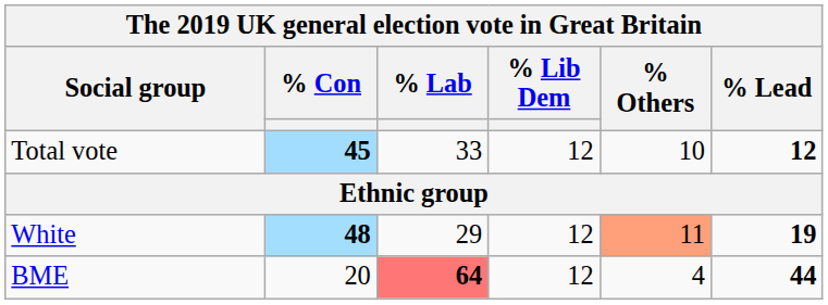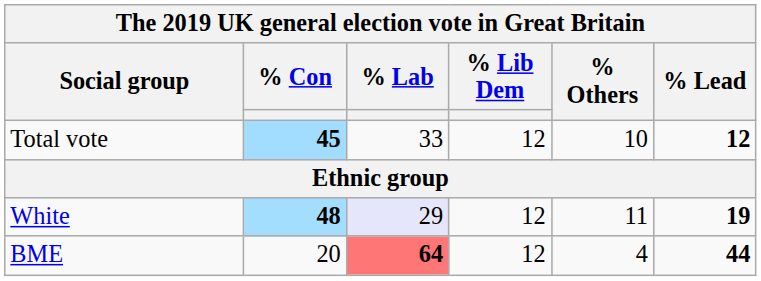 <table class=wikitable>
 <tr>
 <th colspan="10">The 2019 UK general election vote in Great Britain</th>
 </tr>
 <tr>
 <th style="width:150px;" rowspan="2">Social group</th>
 <th style="width:60px;" class="unsortable">% <a href='#'>Con</a></th>
 <th style="width:60px;" class="unsortable">% <a href='#'>Lab</a></th>
 <th style="width:60px;" class="unsortable">% <a href='#'>Lib Dem</a></th>
 <th style="width:60px;" rowspan="2" class="unsortable">% Others</th>
 <th style="width:60px;" rowspan="2" class="unsortable">% Lead</th>
 </tr>
 <tr>
 <th class="unsortable" style="color:inherit;background:"></th>
 <th class="unsortable" style="color:inherit;background:"></th>
 <th class="unsortable" style="color:inherit;background:"></th>
 </tr>
 <tr>
 <td>Total vote</td>
 <td style="text-align:right; background:#A2DDFF;"><strong>45</strong></td>
 <td style="text-align:right;">33</td>
 <td style="text-align:right;">12</td>
 <td style="text-align:right;">10</td>
 <td style="text-align:right; background:"><strong>12</strong></td>
 </tr>
 <tr>
 <th colspan=9>Ethnic group</th>
 </tr>
 <tr>
 <td><a href='#'>White</a></td>
 <td style="text-align:right; background:#A3DEFF;"><strong>48</strong></td>
-<td style="text-align:right;">29</td>
+<td style="background: lavender; text-align:right;">29</td>
 <td style="text-align:right;">12</td>
-<td style="background: lightsalmon; text-align:right;">11</td>
+<td style="text-align:right;">11</td>
 <td style="text-align:right; background:"><strong>19</strong></td>
 </tr>
 <tr>
 <td><a href='#'>BME</a></td>
 <td style="text-align:right;">20</td>
 <td style="text-align:right; background:#FF7676;"><strong>64</strong></td>
 <td style="text-align:right;">12</td>
 <td style="text-align:right;">4</td>
 <td style="text-align:right; background:"><strong>44</strong></td>
 </tr>
 </table>
